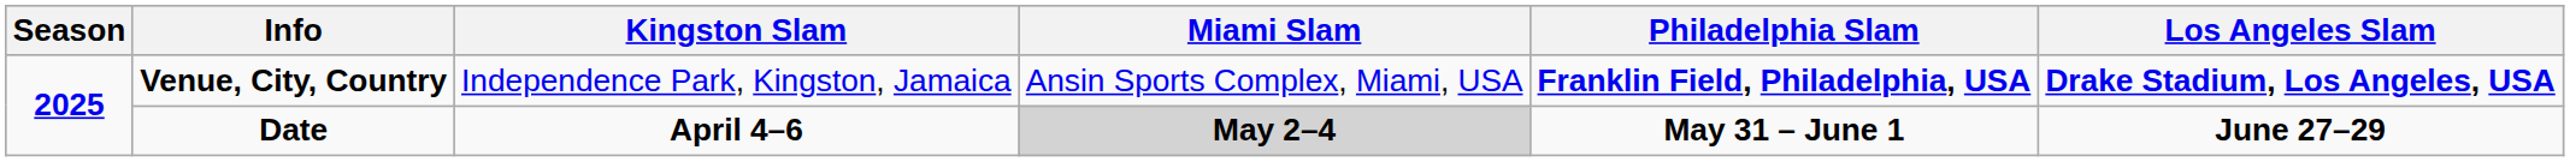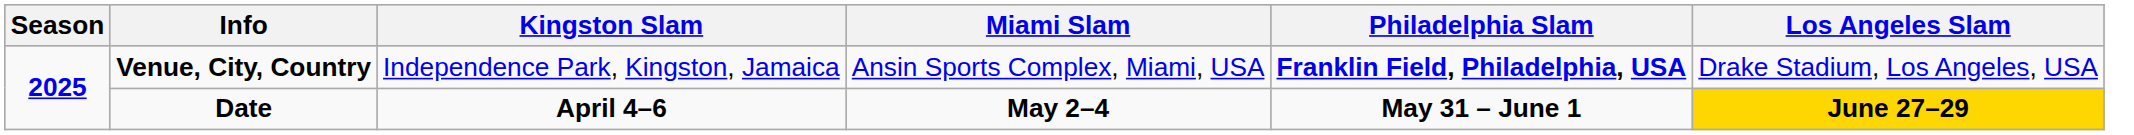 <table class="wikitable">
 <tr>
 <th>Season</th>
 <th>Info</th>
 <th><a href='#'>Kingston Slam</a></th>
 <th><a href='#'>Miami Slam</a></th>
 <th><a href='#'>Philadelphia Slam</a></th>
 <th><a href='#'>Los Angeles Slam</a></th>
 </tr>
 <tr>
 <td rowspan="2" align="center"><strong><a href='#'>2025</a></strong></td>
 <td align="center"><strong>Venue, City, Country</strong></td>
 <td align="center"><a href='#'>Independence Park</a>, <a href='#'>Kingston</a>, <a href='#'>Jamaica</a></td>
 <td align="center"><a href='#'>Ansin Sports Complex</a>, <a href='#'>Miami</a>, <a href='#'>USA</a></td>
 <td align="center"><strong><a href='#'>Franklin Field</a>, <a href='#'>Philadelphia</a>, <a href='#'>USA</a></strong></td>
-<td align="center"><strong><a href='#'>Drake Stadium</a>, <a href='#'>Los Angeles</a>, <a href='#'>USA</a></strong></td>
+<td align="center"><a href='#'>Drake Stadium</a>, <a href='#'>Los Angeles</a>, <a href='#'>USA</a></td>
 </tr>
 <tr>
 <td align="center"><strong>Date</strong></td>
 <td align="center"><strong>April 4–6</strong></td>
-<td align="center" style="background: lightgrey;"><strong>May 2–4</strong></td>
+<td align="center"><strong>May 2–4</strong></td>
 <td align="center"><strong>May 31 – June 1</strong></td>
-<td align="center"><strong>June 27–29</strong></td>
+<td align="center" style="background: gold;"><strong>June 27–29</strong></td>
 </tr>
 </table>
